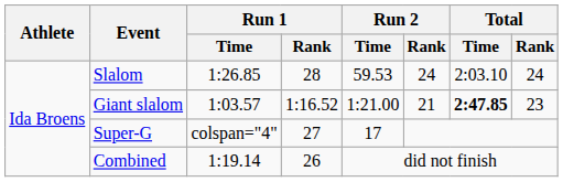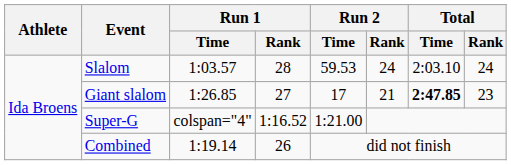 <table class="wikitable" style="font-size:90%">
 <tr>
 <th rowspan=2>Athlete</th>
 <th rowspan=2>Event</th>
 <th colspan=2>Run 1</th>
 <th colspan=2>Run 2</th>
 <th colspan=2>Total</th>
 </tr>
 <tr style="font-size:95%">
 <th>Time</th>
 <th>Rank</th>
 <th>Time</th>
 <th>Rank</th>
 <th>Time</th>
 <th>Rank</th>
 </tr>
 <tr align=center>
 <td align="left" rowspan="4"><a href='#'>Ida Broens</a></td>
 <td align="left"><a href='#'>Slalom</a></td>
-<td>1:26.85</td>
+<td>1:03.57</td>
 <td>28</td>
 <td>59.53</td>
 <td>24</td>
 <td>2:03.10</td>
 <td>24</td>
 </tr>
 <tr align=center>
 <td align="left"><a href='#'>Giant slalom</a></td>
-<td>1:03.57</td>
-<td>1:16.52</td>
-<td>1:21.00</td>
+<td>1:26.85</td>
+<td>27</td>
+<td>17</td>
 <td>21</td>
 <td><strong>2:47.85</strong></td>
 <td>23</td>
 </tr>
 <tr align=center>
 <td align="left"><a href='#'>Super-G</a></td>
 <td>colspan="4" </td>
-<td>27</td>
-<td>17</td>
+<td>1:16.52</td>
+<td>1:21.00</td>
 </tr>
 <tr align=center>
 <td align="left"><a href='#'>Combined</a></td>
 <td>1:19.14</td>
 <td>26</td>
 <td colspan=4>did not finish</td>
 </tr>
 </table>
